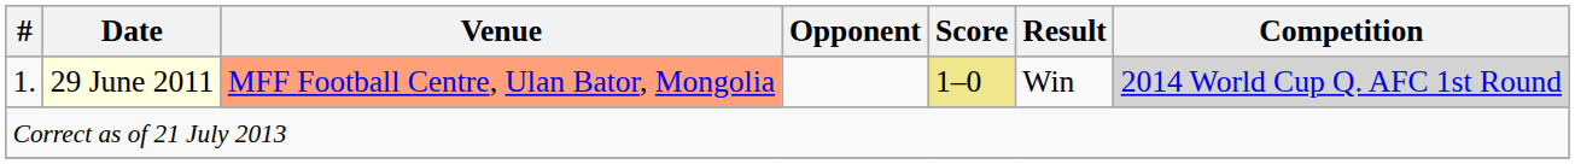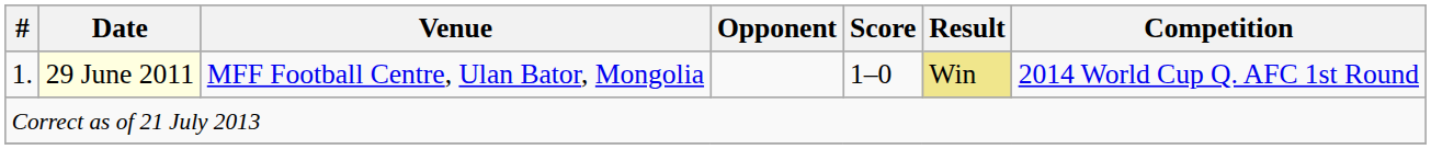 <table class="wikitable" style="font-size:95%;">
 <tr>
 <th>#</th>
 <th>Date</th>
 <th>Venue</th>
 <th>Opponent</th>
 <th>Score</th>
 <th>Result</th>
 <th>Competition</th>
 </tr>
 <tr>
 <td>1.</td>
 <td style="background: lightyellow;">29 June 2011</td>
-<td style="background: lightsalmon;"><a href='#'>MFF Football Centre</a>, <a href='#'>Ulan Bator</a>, <a href='#'>Mongolia</a></td>
+<td><a href='#'>MFF Football Centre</a>, <a href='#'>Ulan Bator</a>, <a href='#'>Mongolia</a></td>
 <td></td>
-<td style="background: khaki;">1–0</td>
-<td>Win</td>
-<td style="background: lightgrey;"><a href='#'>2014 World Cup Q. AFC 1st Round</a></td>
+<td>1–0</td>
+<td style="background: khaki;">Win</td>
+<td><a href='#'>2014 World Cup Q. AFC 1st Round</a></td>
 </tr>
 <tr>
 <td colspan="12"><small><em>Correct as of 21 July 2013</em></small></td>
 </tr>
 <tr>
 </tr>
 </table>
